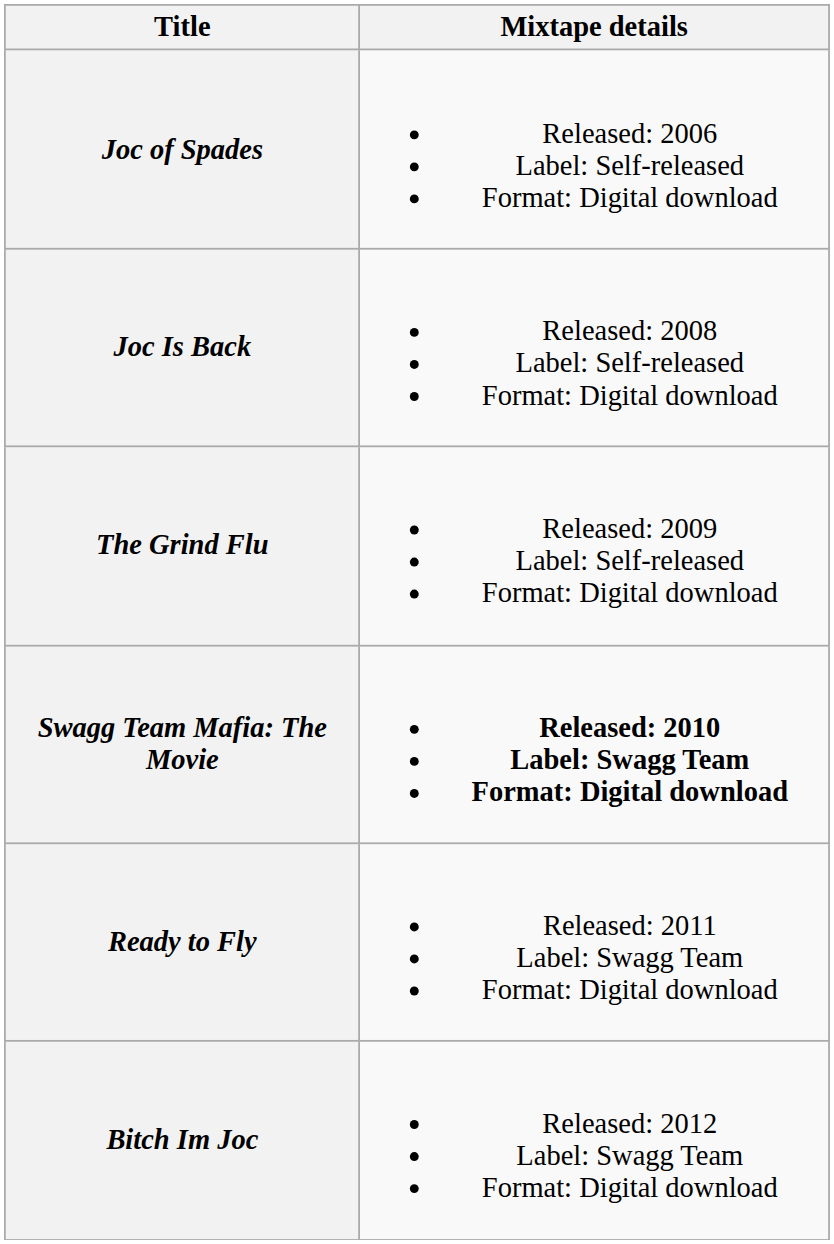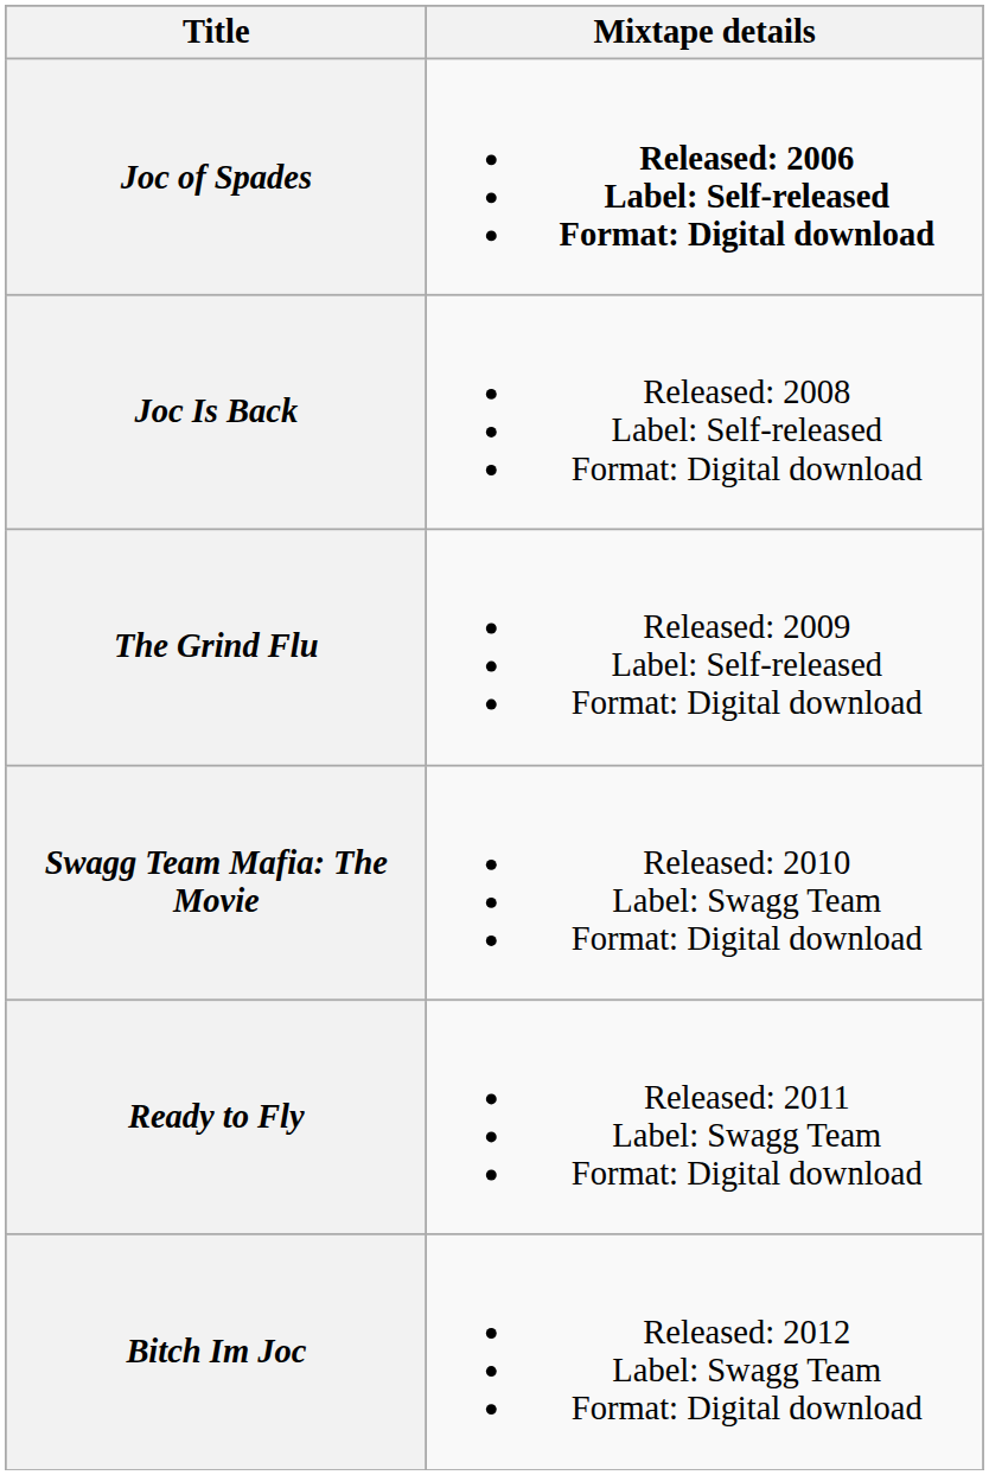 <table class="wikitable plainrowheaders" style="text-align:center;">
 <tr>
 <th scope="col" style="width:12em;">Title</th>
 <th scope="col" style="width:16em;">Mixtape details</th>
 </tr>
 <tr>
 <th scope="row"><em>Joc of Spades</em></th>
-<td><br><ul><li>Released: 2006</li><li>Label: Self-released</li><li>Format: Digital download</li></ul></td>
+<td><strong><br><ul><li>Released: 2006</li><li>Label: Self-released</li><li>Format: Digital download</li></ul></strong></td>
 </tr>
 <tr>
 <th scope="row"><em>Joc Is Back</em></th>
 <td><br><ul><li>Released: 2008</li><li>Label: Self-released</li><li>Format: Digital download</li></ul></td>
 </tr>
 <tr>
 <th scope="row"><em>The Grind Flu</em></th>
 <td><br><ul><li>Released: 2009</li><li>Label: Self-released</li><li>Format: Digital download</li></ul></td>
 </tr>
 <tr>
 <th scope="row"><em>Swagg Team Mafia: The Movie</em></th>
-<td><strong><br><ul><li>Released: 2010</li><li>Label: Swagg Team</li><li>Format: Digital download</li></ul></strong></td>
+<td><br><ul><li>Released: 2010</li><li>Label: Swagg Team</li><li>Format: Digital download</li></ul></td>
 </tr>
 <tr>
 <th scope="row"><em>Ready to Fly</em></th>
 <td><br><ul><li>Released: 2011</li><li>Label: Swagg Team</li><li>Format: Digital download</li></ul></td>
 </tr>
 <tr>
 <th scope="row"><em>Bitch Im Joc</em></th>
 <td><br><ul><li>Released: 2012</li><li>Label: Swagg Team</li><li>Format: Digital download</li></ul></td>
 </tr>
 <tr>
 </tr>
 </table>
